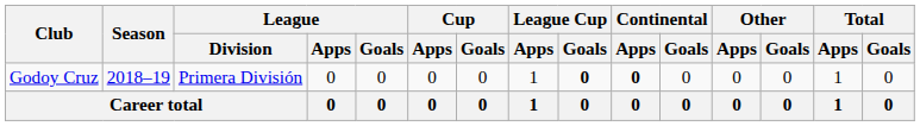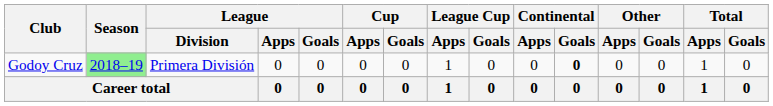 <table class="wikitable" style="text-align:center">
 <tr>
 <th rowspan="2">Club</th>
 <th rowspan="2">Season</th>
 <th colspan="3">League</th>
 <th colspan="2">Cup</th>
 <th colspan="2">League Cup</th>
 <th colspan="2">Continental</th>
 <th colspan="2">Other</th>
 <th colspan="2">Total</th>
 </tr>
 <tr>
 <th>Division</th>
 <th>Apps</th>
 <th>Goals</th>
 <th>Apps</th>
 <th>Goals</th>
 <th>Apps</th>
 <th>Goals</th>
 <th>Apps</th>
 <th>Goals</th>
 <th>Apps</th>
 <th>Goals</th>
 <th>Apps</th>
 <th>Goals</th>
 </tr>
 <tr>
 <td rowspan="1"><a href='#'>Godoy Cruz</a></td>
-<td><a href='#'>2018–19</a></td>
+<td style="background: lightgreen;"><a href='#'>2018–19</a></td>
 <td rowspan="1"><a href='#'>Primera División</a></td>
 <td>0</td>
 <td>0</td>
 <td>0</td>
 <td>0</td>
 <td>1</td>
+<td>0</td>
+<td>0</td>
 <td><strong>0</strong></td>
-<td><strong>0</strong></td>
-<td>0</td>
 <td>0</td>
 <td>0</td>
 <td>1</td>
 <td>0</td>
 </tr>
 <tr>
 <th colspan="3">Career total</th>
 <th>0</th>
 <th>0</th>
 <th>0</th>
 <th>0</th>
 <th>1</th>
 <th>0</th>
 <th>0</th>
 <th>0</th>
 <th>0</th>
 <th>0</th>
 <th>1</th>
 <th>0</th>
 </tr>
 </table>
